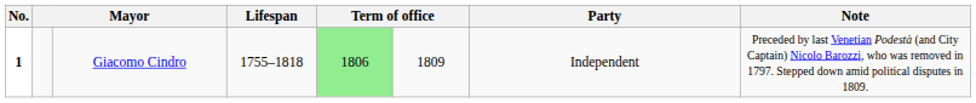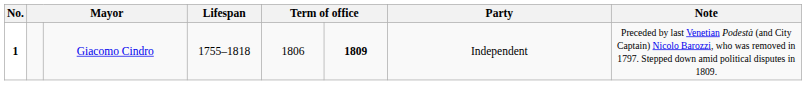 <table class="wikitable" style="text-align:center;">
 <tr>
 <th>No.</th>
 <th colspan=2>Mayor</th>
 <th>Lifespan</th>
 <th colspan=2>Term of office</th>
 <th>Party</th>
 <th>Note</th>
 </tr>
 <tr>
 <td style="background: white; width:1em"><strong>1</strong></td>
 <td style="width:1em;"></td>
 <td style="width:12em;"><a href='#'>Giacomo Cindro</a></td>
 <td style="width:6em;">1755–1818</td>
-<td style="background: lightgreen; width:5em;"><small></small>1806</td>
-<td style="width:5em;"><small></small>1809</td>
+<td style="width:5em;"><small></small>1806</td>
+<td style="width:5em;"><strong><small></small>1809</strong></td>
 <td style="width:19em;">Independent</td>
 <td style="width:16em;"><small>Preceded by last <a href='#'>Venetian</a> <em>Podestà</em> (and City Captain) <a href='#'>Nicolo Barozzi</a>, who was removed in 1797. Stepped down amid political disputes in 1809.</small></td>
 </tr>
 </table>
